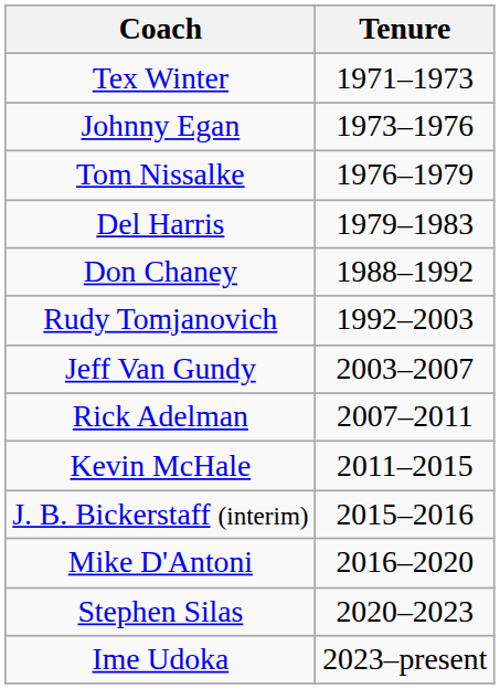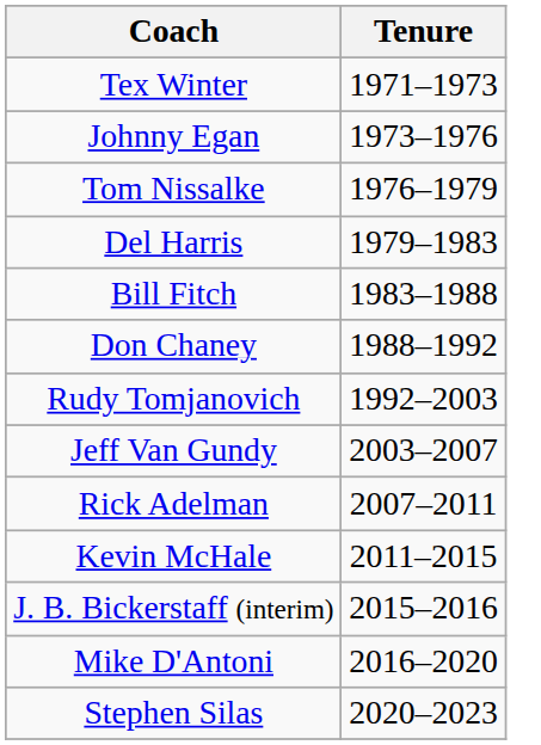 <table class="wikitable" style="text-align:center">
 <tr>
 <th>Coach</th>
 <th>Tenure</th>
 </tr>
 <tr>
 <td><a href='#'>Tex Winter</a></td>
 <td>1971–1973</td>
 </tr>
 <tr>
 <td><a href='#'>Johnny Egan</a></td>
 <td>1973–1976</td>
 </tr>
 <tr>
 <td><a href='#'>Tom Nissalke</a></td>
 <td>1976–1979</td>
 </tr>
 <tr>
 <td><a href='#'>Del Harris</a></td>
 <td>1979–1983</td>
+</tr>
+<tr>
+<td><a href='#'>Bill Fitch</a></td>
+<td>1983–1988</td>
 </tr>
 <tr>
 <td><a href='#'>Don Chaney</a></td>
 <td>1988–1992</td>
 </tr>
 <tr>
 <td><a href='#'>Rudy Tomjanovich</a></td>
 <td>1992–2003</td>
 </tr>
 <tr>
 <td><a href='#'>Jeff Van Gundy</a></td>
 <td>2003–2007</td>
 </tr>
 <tr>
 <td><a href='#'>Rick Adelman</a></td>
 <td>2007–2011</td>
 </tr>
 <tr>
 <td><a href='#'>Kevin McHale</a></td>
 <td>2011–2015</td>
 </tr>
 <tr>
 <td><a href='#'>J. B. Bickerstaff</a> <small>(interim)</small></td>
 <td>2015–2016</td>
 </tr>
 <tr>
 <td><a href='#'>Mike D'Antoni</a></td>
 <td>2016–2020</td>
 </tr>
 <tr>
 <td><a href='#'>Stephen Silas</a></td>
 <td>2020–2023</td>
 </tr>
-<tr>
-<td><a href='#'>Ime Udoka</a></td>
-<td>2023–present</td>
-</tr>
 </table>
